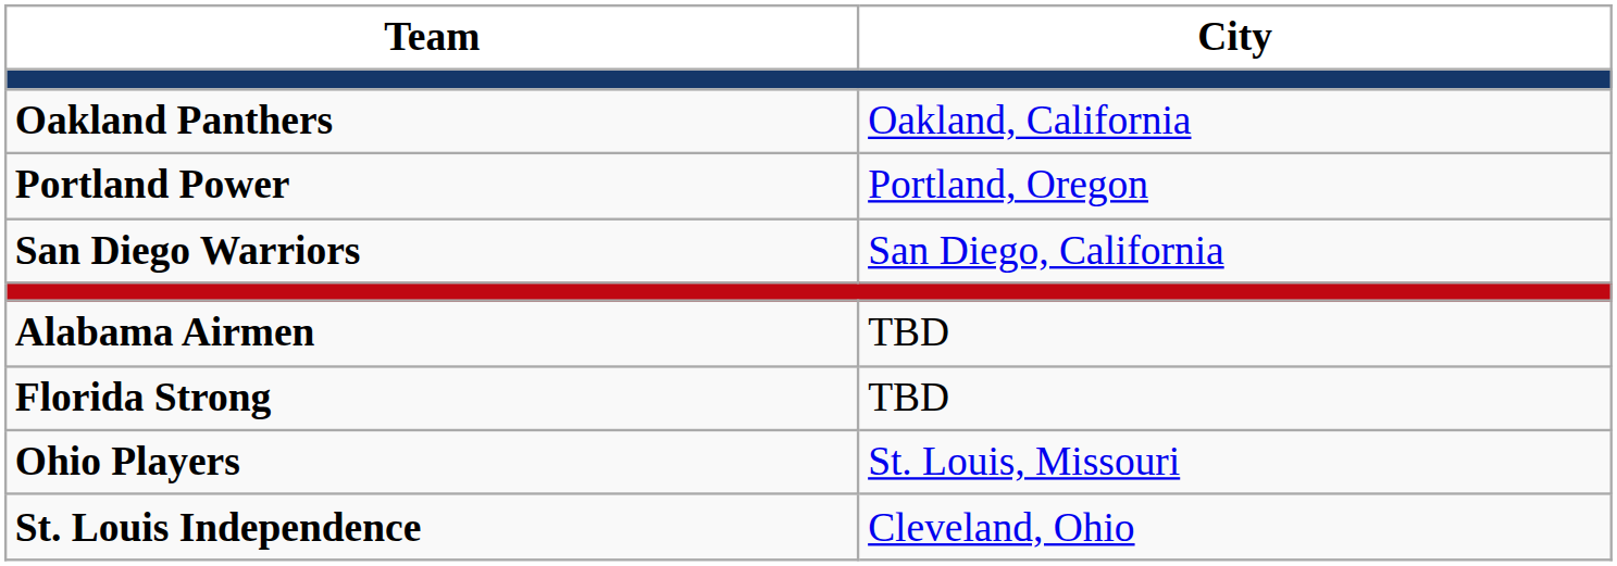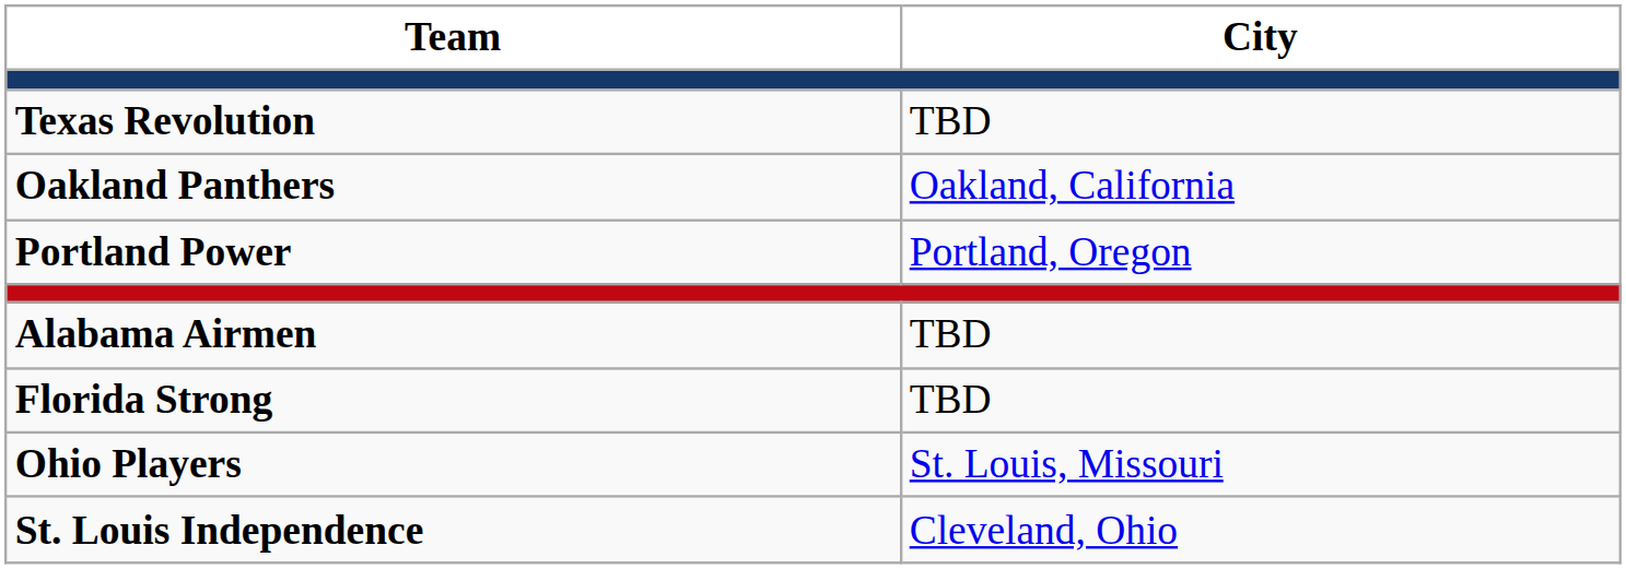 <table class="wikitable" style="width:50%; text-align:left">
 <tr>
 <th style="background:white" scope="col">Team</th>
 <th style="background:white" scope="col">City</th>
 </tr>
 <tr>
 <th colspan="2" style="background:#153769"></th>
 </tr>
+<tr id="Austin Revolution">
+<td><strong>Texas Revolution</strong></td>
+<td>TBD</td>
+</tr>
 <tr id="Oakland Panthers	">
 <td><strong>Oakland Panthers</strong></td>
 <td><a href='#'>Oakland, California</a></td>
 </tr>
 <tr id="Portland Progress">
 <td><strong>Portland Power</strong></td>
 <td><a href='#'>Portland, Oregon</a></td>
-</tr>
-<tr id="San Diego Warriors">
-<td><strong>San Diego Warriors</strong></td>
-<td><a href='#'>San Diego, California</a></td>
 </tr>
 <tr>
 <th colspan="2" style="background:#C00712"></th>
 </tr>
 <tr id="Birmingham Kings	">
 <td><strong>Alabama Airmen</strong></td>
 <td>TBD</td>
 </tr>
 <tr id="Florida Strong">
 <td><strong>Florida Strong</strong></td>
 <td>TBD</td>
 </tr>
 <tr id="Ohio Players">
 <td><strong>Ohio Players</strong></td>
 <td><a href='#'>St. Louis, Missouri</a></td>
 </tr>
 <tr id="St. Louis Independence">
 <td><strong>St. Louis Independence</strong></td>
 <td><a href='#'>Cleveland, Ohio</a></td>
 </tr>
 </table>
